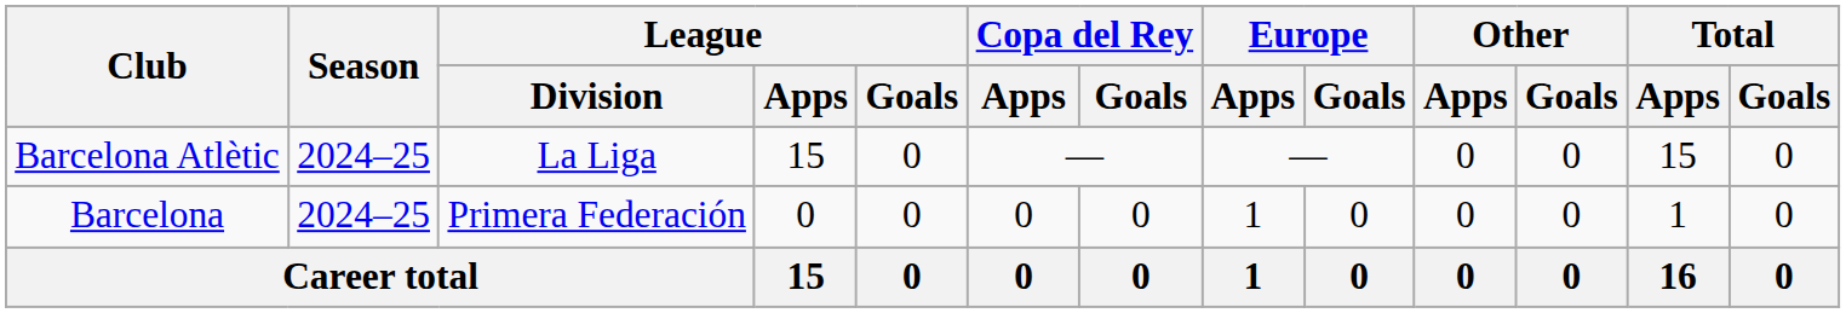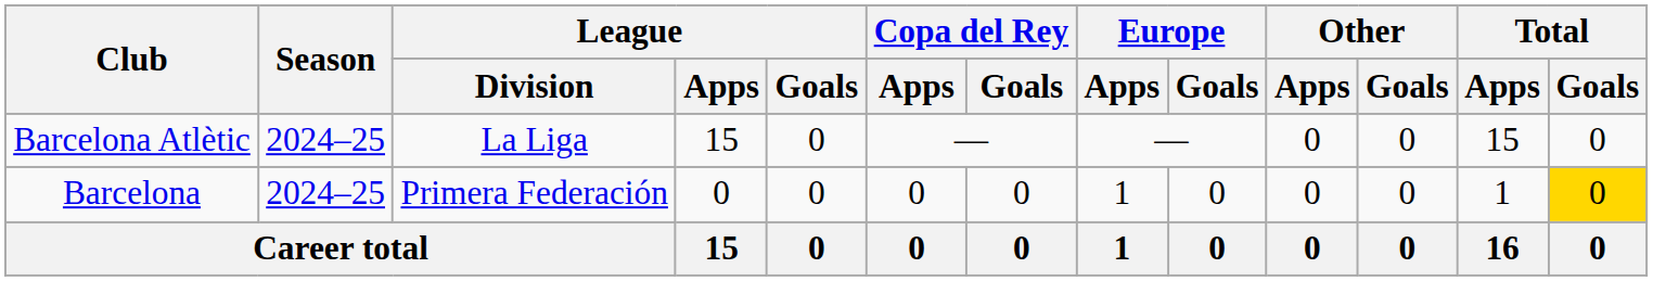 <table class="wikitable" style="text-align: center">
 <tr>
 <th rowspan="2">Club</th>
 <th rowspan="2">Season</th>
 <th colspan="3">League</th>
 <th colspan="2"><a href='#'>Copa del Rey</a></th>
 <th colspan="2"><a href='#'>Europe</a></th>
 <th colspan="2">Other</th>
 <th colspan="2">Total</th>
 </tr>
 <tr>
 <th>Division</th>
 <th>Apps</th>
 <th>Goals</th>
 <th>Apps</th>
 <th>Goals</th>
 <th>Apps</th>
 <th>Goals</th>
 <th>Apps</th>
 <th>Goals</th>
 <th>Apps</th>
 <th>Goals</th>
 </tr>
 <tr>
 <td><a href='#'>Barcelona Atlètic</a></td>
 <td><a href='#'>2024–25</a></td>
 <td><a href='#'>La Liga</a></td>
 <td>15</td>
 <td>0</td>
 <td colspan="2">—</td>
 <td colspan="2">—</td>
 <td>0</td>
 <td>0</td>
 <td>15</td>
 <td>0</td>
 </tr>
 <tr>
 <td><a href='#'>Barcelona</a></td>
 <td><a href='#'>2024–25</a></td>
 <td><a href='#'>Primera Federación</a></td>
 <td>0</td>
 <td>0</td>
 <td>0</td>
 <td>0</td>
 <td>1</td>
 <td>0</td>
 <td>0</td>
 <td>0</td>
 <td>1</td>
-<td>0</td>
+<td style="background: gold;">0</td>
 </tr>
 <tr>
 <th colspan="3">Career total</th>
 <th>15</th>
 <th>0</th>
 <th>0</th>
 <th>0</th>
 <th>1</th>
 <th>0</th>
 <th>0</th>
 <th>0</th>
 <th>16</th>
 <th>0</th>
 </tr>
 </table>
